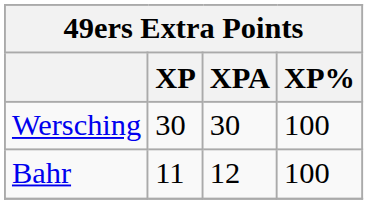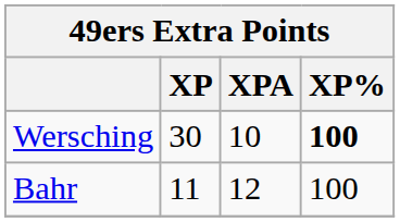 <table class="wikitable">
 <tr>
 <th colspan=4>49ers Extra Points</th>
 </tr>
 <tr>
 <th></th>
 <th>XP</th>
 <th>XPA</th>
 <th>XP%</th>
 </tr>
 <tr>
 <td><a href='#'>Wersching</a></td>
 <td>30</td>
-<td>30</td>
-<td>100</td>
+<td>10</td>
+<td><strong>100</strong></td>
 </tr>
 <tr>
 <td><a href='#'>Bahr</a></td>
 <td>11</td>
 <td>12</td>
 <td>100</td>
 </tr>
 <tr>
 </tr>
 </table>
